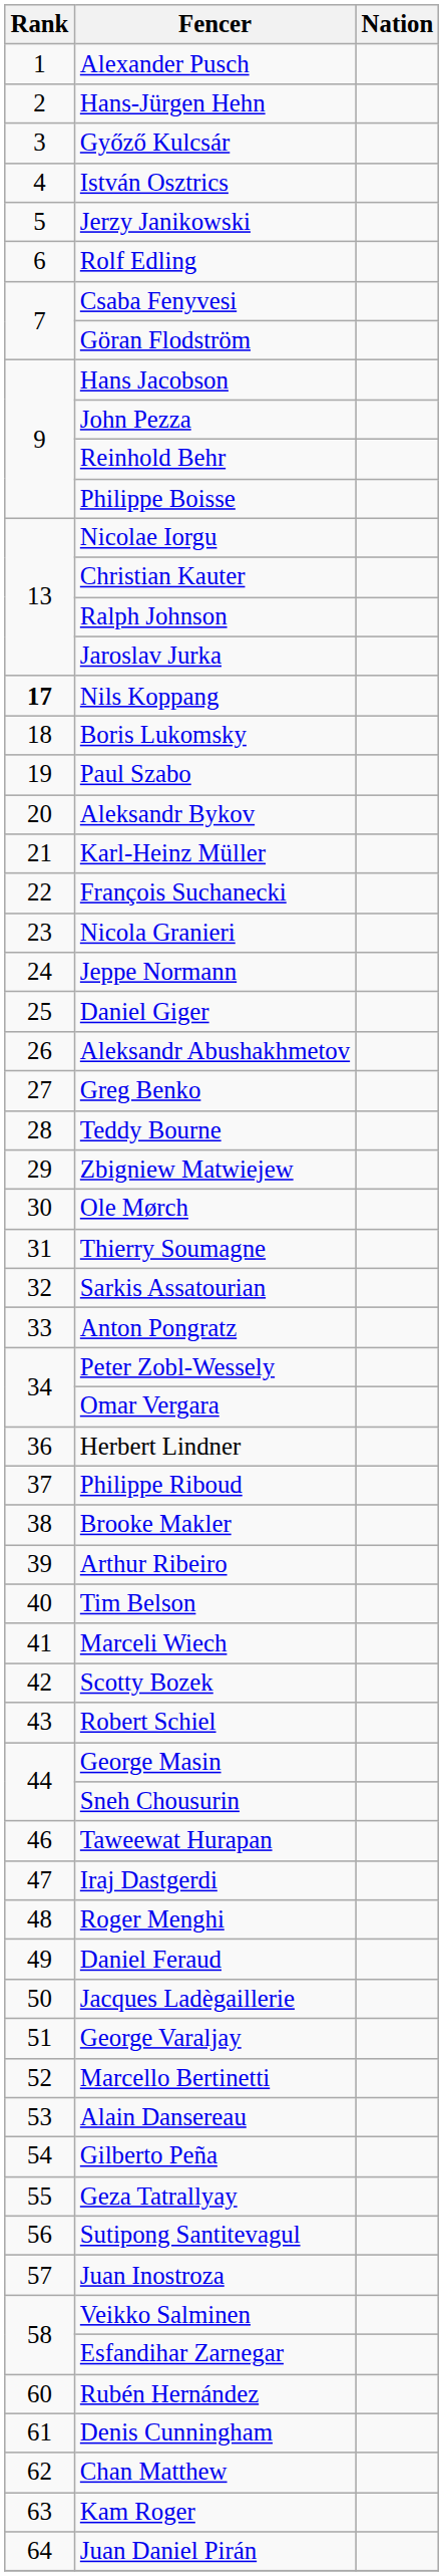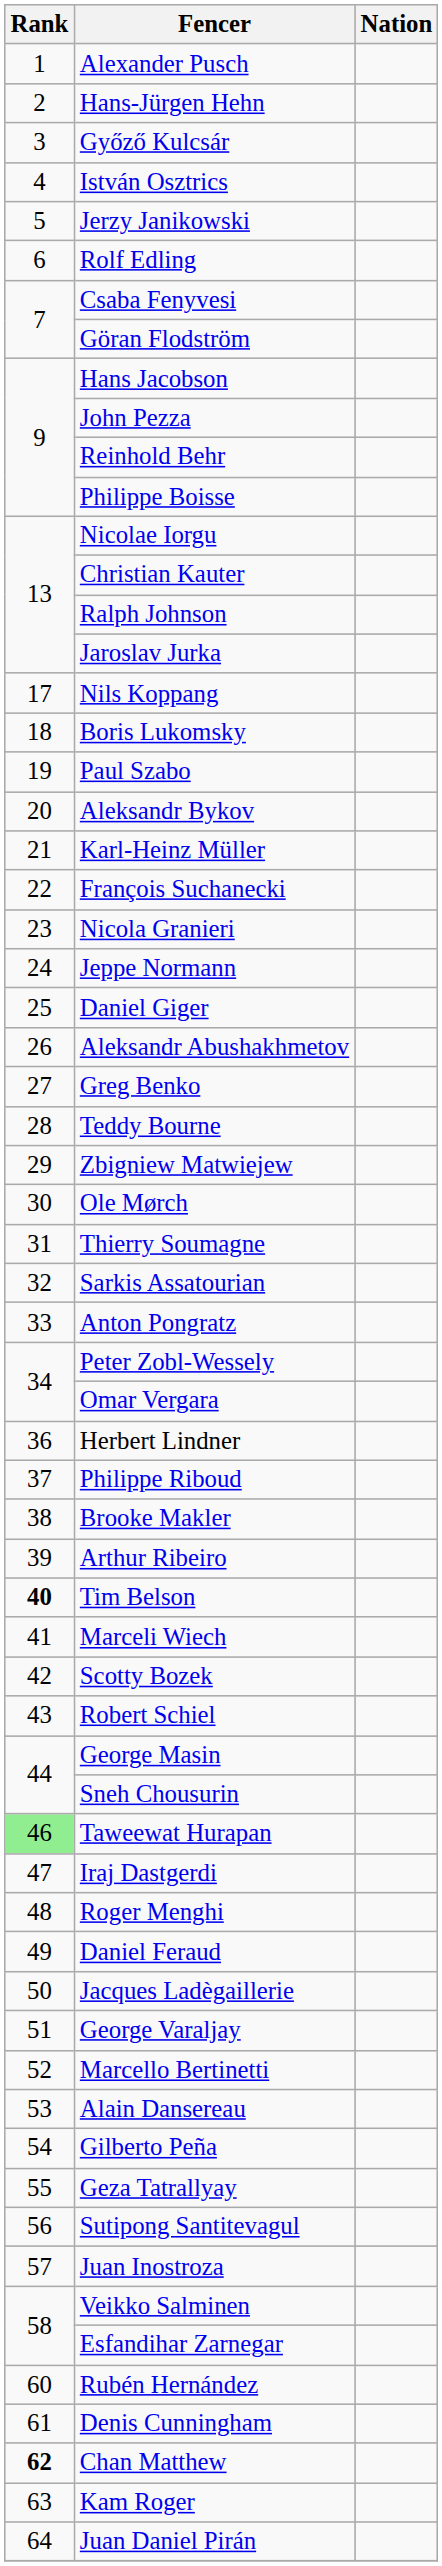 <table class="wikitable sortable" style="text-align: center;">
 <tr>
 <th>Rank</th>
 <th>Fencer</th>
 <th>Nation</th>
 </tr>
 <tr>
 <td>1</td>
 <td align=left><a href='#'>Alexander Pusch</a></td>
 <td align=left></td>
 </tr>
 <tr>
 <td>2</td>
 <td align=left><a href='#'>Hans-Jürgen Hehn</a></td>
 <td align=left></td>
 </tr>
 <tr>
 <td>3</td>
 <td align=left><a href='#'>Győző Kulcsár</a></td>
 <td align=left></td>
 </tr>
 <tr>
 <td>4</td>
 <td align=left><a href='#'>István Osztrics</a></td>
 <td align=left></td>
 </tr>
 <tr>
 <td>5</td>
 <td align=left><a href='#'>Jerzy Janikowski</a></td>
 <td align=left></td>
 </tr>
 <tr>
 <td>6</td>
 <td align=left><a href='#'>Rolf Edling</a></td>
 <td align=left></td>
 </tr>
 <tr>
 <td rowspan="2">7</td>
 <td align="left"><a href='#'>Csaba Fenyvesi</a></td>
 <td align=left></td>
 </tr>
 <tr>
 <td align="left"><a href='#'>Göran Flodström</a></td>
 <td align=left></td>
 </tr>
 <tr>
 <td rowspan="4">9</td>
 <td align="left"><a href='#'>Hans Jacobson</a></td>
 <td align=left></td>
 </tr>
 <tr>
 <td align="left"><a href='#'>John Pezza</a></td>
 <td align=left></td>
 </tr>
 <tr>
 <td align="left"><a href='#'>Reinhold Behr</a></td>
 <td align=left></td>
 </tr>
 <tr>
 <td align="left"><a href='#'>Philippe Boisse</a></td>
 <td align=left></td>
 </tr>
 <tr>
 <td rowspan="4">13</td>
 <td align="left"><a href='#'>Nicolae Iorgu</a></td>
 <td align=left></td>
 </tr>
 <tr>
 <td align="left"><a href='#'>Christian Kauter</a></td>
 <td align=left></td>
 </tr>
 <tr>
 <td align="left"><a href='#'>Ralph Johnson</a></td>
 <td align=left></td>
 </tr>
 <tr>
 <td align="left"><a href='#'>Jaroslav Jurka</a></td>
 <td align=left></td>
 </tr>
 <tr>
-<td><strong>17</strong></td>
+<td>17</td>
 <td align="left"><a href='#'>Nils Koppang</a></td>
 <td align="left"></td>
 </tr>
 <tr>
 <td>18</td>
 <td align="left"><a href='#'>Boris Lukomsky</a></td>
 <td align="left"></td>
 </tr>
 <tr>
 <td>19</td>
 <td align="left"><a href='#'>Paul Szabo</a></td>
 <td align=left></td>
 </tr>
 <tr>
 <td>20</td>
 <td align="left"><a href='#'>Aleksandr Bykov</a></td>
 <td align=left></td>
 </tr>
 <tr>
 <td>21</td>
 <td align="left"><a href='#'>Karl-Heinz Müller</a></td>
 <td align=left></td>
 </tr>
 <tr>
 <td>22</td>
 <td align="left"><a href='#'>François Suchanecki</a></td>
 <td align=left></td>
 </tr>
 <tr>
 <td>23</td>
 <td align="left"><a href='#'>Nicola Granieri</a></td>
 <td align=left></td>
 </tr>
 <tr>
 <td>24</td>
 <td align="left"><a href='#'>Jeppe Normann</a></td>
 <td align=left></td>
 </tr>
 <tr>
 <td>25</td>
 <td align="left"><a href='#'>Daniel Giger</a></td>
 <td align=left></td>
 </tr>
 <tr>
 <td>26</td>
 <td align="left"><a href='#'>Aleksandr Abushakhmetov</a></td>
 <td align=left></td>
 </tr>
 <tr>
 <td>27</td>
 <td align="left"><a href='#'>Greg Benko</a></td>
 <td align=left></td>
 </tr>
 <tr>
 <td>28</td>
 <td align="left"><a href='#'>Teddy Bourne</a></td>
 <td align=left></td>
 </tr>
 <tr>
 <td>29</td>
 <td align="left"><a href='#'>Zbigniew Matwiejew</a></td>
 <td align="left"></td>
 </tr>
 <tr>
 <td>30</td>
 <td align="left"><a href='#'>Ole Mørch</a></td>
 <td align="left"></td>
 </tr>
 <tr>
 <td>31</td>
 <td align="left"><a href='#'>Thierry Soumagne</a></td>
 <td align=left></td>
 </tr>
 <tr>
 <td>32</td>
 <td align="left"><a href='#'>Sarkis Assatourian</a></td>
 <td align=left></td>
 </tr>
 <tr>
 <td>33</td>
 <td align="left"><a href='#'>Anton Pongratz</a></td>
 <td align=left></td>
 </tr>
 <tr>
 <td rowspan="2">34</td>
 <td align="left"><a href='#'>Peter Zobl-Wessely</a></td>
 <td align=left></td>
 </tr>
 <tr>
 <td align="left"><a href='#'>Omar Vergara</a></td>
 <td align=left></td>
 </tr>
 <tr>
 <td>36</td>
 <td align="left">Herbert Lindner</td>
 <td align=left></td>
 </tr>
 <tr>
 <td>37</td>
 <td align=left><a href='#'>Philippe Riboud</a></td>
 <td align=left></td>
 </tr>
 <tr>
 <td>38</td>
 <td align=left><a href='#'>Brooke Makler</a></td>
 <td align=left></td>
 </tr>
 <tr>
 <td>39</td>
 <td align="left"><a href='#'>Arthur Ribeiro</a></td>
 <td align="left"></td>
 </tr>
 <tr>
-<td>40</td>
+<td><strong>40</strong></td>
 <td align="left"><a href='#'>Tim Belson</a></td>
 <td align="left"></td>
 </tr>
 <tr>
 <td>41</td>
 <td align="left"><a href='#'>Marceli Wiech</a></td>
 <td align="left"></td>
 </tr>
 <tr>
 <td>42</td>
 <td align="left"><a href='#'>Scotty Bozek</a></td>
 <td align="left"></td>
 </tr>
 <tr>
 <td>43</td>
 <td align="left"><a href='#'>Robert Schiel</a></td>
 <td align="left"></td>
 </tr>
 <tr>
 <td rowspan="2">44</td>
 <td align="left"><a href='#'>George Masin</a></td>
 <td align="left"></td>
 </tr>
 <tr>
 <td align="left"><a href='#'>Sneh Chousurin</a></td>
 <td align="left"></td>
 </tr>
 <tr>
-<td>46</td>
+<td style="background: lightgreen;">46</td>
 <td align="left"><a href='#'>Taweewat Hurapan</a></td>
 <td align="left"></td>
 </tr>
 <tr>
 <td>47</td>
 <td align="left"><a href='#'>Iraj Dastgerdi</a></td>
 <td align="left"></td>
 </tr>
 <tr>
 <td>48</td>
 <td align="left"><a href='#'>Roger Menghi</a></td>
 <td align="left"></td>
 </tr>
 <tr>
 <td>49</td>
 <td align="left"><a href='#'>Daniel Feraud</a></td>
 <td align="left"></td>
 </tr>
 <tr>
 <td>50</td>
 <td align="left"><a href='#'>Jacques Ladègaillerie</a></td>
 <td align="left"></td>
 </tr>
 <tr>
 <td>51</td>
 <td align="left"><a href='#'>George Varaljay</a></td>
 <td align="left"></td>
 </tr>
 <tr>
 <td>52</td>
 <td align="left"><a href='#'>Marcello Bertinetti</a></td>
 <td align="left"></td>
 </tr>
 <tr>
 <td>53</td>
 <td align="left"><a href='#'>Alain Dansereau</a></td>
 <td align="left"></td>
 </tr>
 <tr>
 <td>54</td>
 <td align="left"><a href='#'>Gilberto Peña</a></td>
 <td align="left"></td>
 </tr>
 <tr>
 <td>55</td>
 <td align="left"><a href='#'>Geza Tatrallyay</a></td>
 <td align="left"></td>
 </tr>
 <tr>
 <td>56</td>
 <td align="left"><a href='#'>Sutipong Santitevagul</a></td>
 <td align="left"></td>
 </tr>
 <tr>
 <td>57</td>
 <td align="left"><a href='#'>Juan Inostroza</a></td>
 <td align="left"></td>
 </tr>
 <tr>
 <td rowspan="2">58</td>
 <td align="left"><a href='#'>Veikko Salminen</a></td>
 <td align="left"></td>
 </tr>
 <tr>
 <td align="left"><a href='#'>Esfandihar Zarnegar</a></td>
 <td align="left"></td>
 </tr>
 <tr>
 <td>60</td>
 <td align="left"><a href='#'>Rubén Hernández</a></td>
 <td align="left"></td>
 </tr>
 <tr>
 <td>61</td>
 <td align="left"><a href='#'>Denis Cunningham</a></td>
 <td align="left"></td>
 </tr>
 <tr>
-<td>62</td>
+<td><strong>62</strong></td>
 <td align="left"><a href='#'>Chan Matthew</a></td>
 <td align="left"></td>
 </tr>
 <tr>
 <td>63</td>
 <td align="left"><a href='#'>Kam Roger</a></td>
 <td align="left"></td>
 </tr>
 <tr>
 <td>64</td>
 <td align="left"><a href='#'>Juan Daniel Pirán</a></td>
 <td align="left"></td>
 </tr>
 <tr>
 </tr>
 </table>
